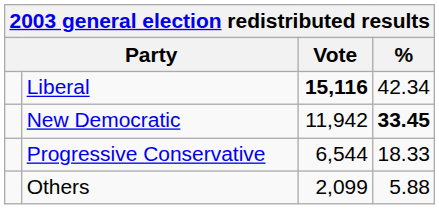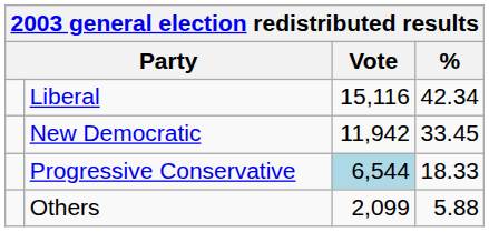 <table class="wikitable">
 <tr>
 <th colspan="4"><a href='#'>2003 general election</a> redistributed results</th>
 </tr>
 <tr>
 <th bgcolor="#DDDDFF" width="130px" colspan="2">Party</th>
 <th bgcolor="#DDDDFF" width="50px">Vote</th>
 <th bgcolor="#DDDDFF" width="30px">%</th>
 </tr>
 <tr>
 <td> </td>
 <td><a href='#'>Liberal</a></td>
-<td align=right><strong>15,116</strong></td>
+<td align=right>15,116</td>
 <td align=right>42.34</td>
 </tr>
 <tr>
 <td> </td>
 <td><a href='#'>New Democratic</a></td>
 <td align=right>11,942</td>
-<td align=right><strong>33.45</strong></td>
+<td align=right>33.45</td>
 </tr>
 <tr>
 <td> </td>
 <td><a href='#'>Progressive Conservative</a></td>
-<td align=right>6,544</td>
+<td align=right style="background: lightblue;">6,544</td>
 <td align=right>18.33</td>
 </tr>
 <tr>
 <td> </td>
 <td>Others</td>
 <td align=right>2,099</td>
 <td align=right>5.88</td>
 </tr>
 </table>
